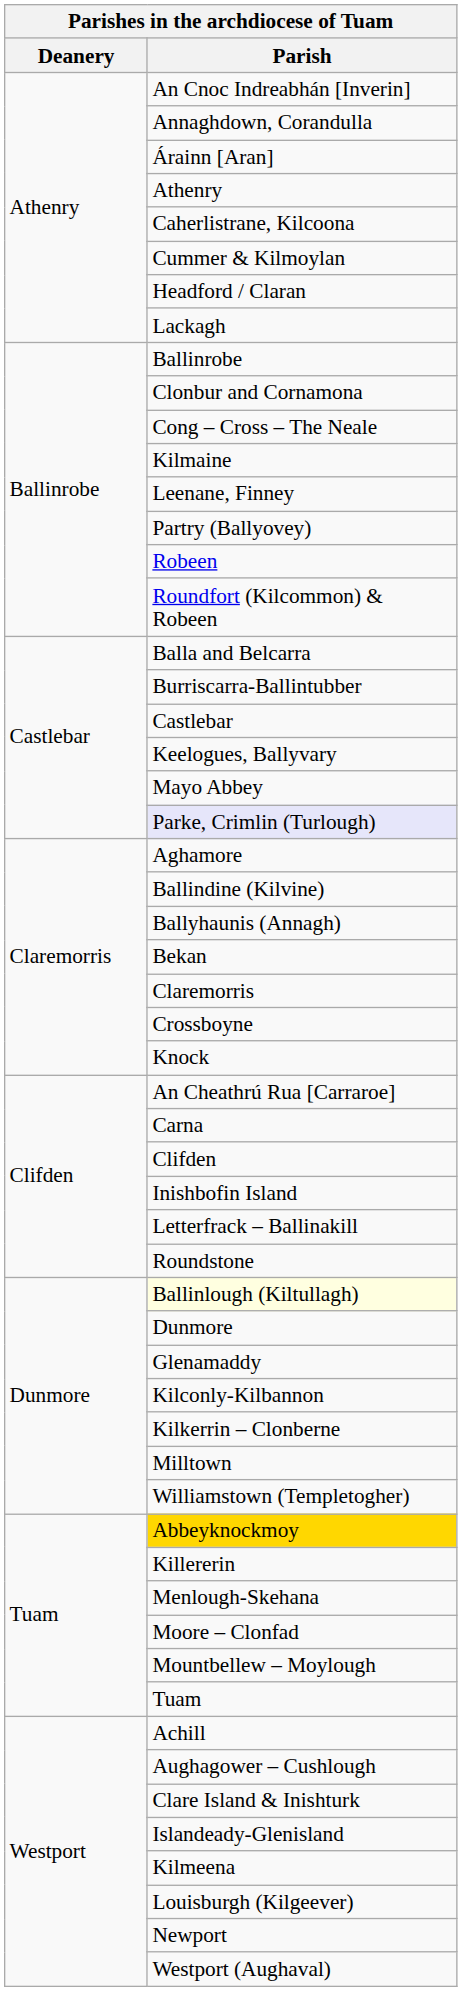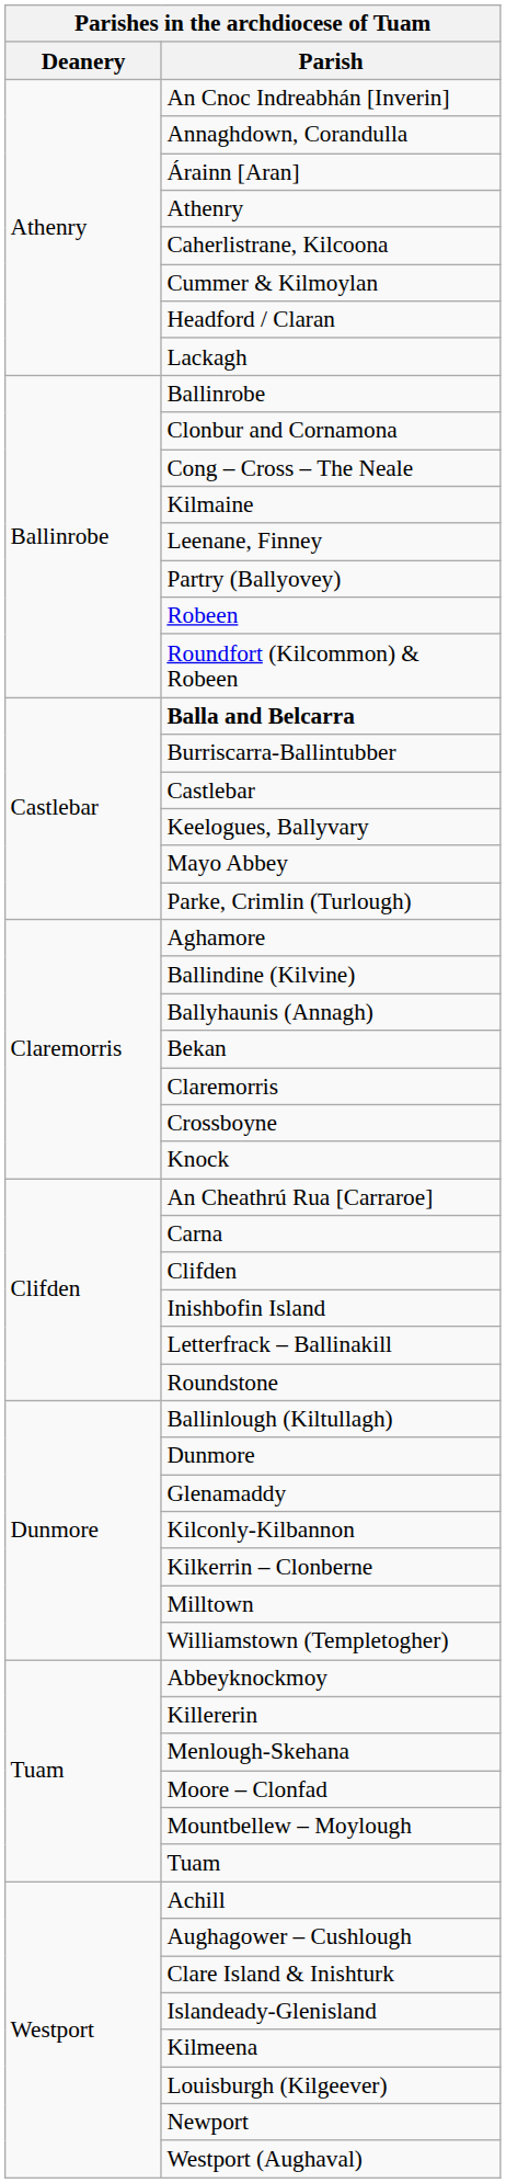 <table class="wikitable collapsible collapsed">
 <tr>
 <th colspan="2">Parishes in the archdiocese of Tuam</th>
 </tr>
 <tr>
 <th style="width:100px">Deanery</th>
 <th style="width:225px">Parish</th>
 </tr>
 <tr>
 <td rowspan="8">Athenry </td>
 <td>An Cnoc Indreabhán [Inverin]</td>
 </tr>
 <tr>
 <td>Annaghdown, Corandulla</td>
 </tr>
 <tr>
 <td>Árainn [Aran]</td>
 </tr>
 <tr>
 <td>Athenry</td>
 </tr>
 <tr>
 <td>Caherlistrane, Kilcoona</td>
 </tr>
 <tr>
 <td>Cummer & Kilmoylan</td>
 </tr>
 <tr>
 <td>Headford / Claran</td>
 </tr>
 <tr>
 <td>Lackagh</td>
 </tr>
 <tr>
 <td rowspan="8">Ballinrobe </td>
 <td>Ballinrobe</td>
 </tr>
 <tr>
 <td>Clonbur and Cornamona</td>
 </tr>
 <tr>
 <td>Cong – Cross – The Neale</td>
 </tr>
 <tr>
 <td>Kilmaine</td>
 </tr>
 <tr>
 <td>Leenane, Finney</td>
 </tr>
 <tr>
 <td>Partry (Ballyovey)</td>
 </tr>
 <tr>
 <td><a href='#'>Robeen</a></td>
 </tr>
 <tr>
 <td><a href='#'>Roundfort</a> (Kilcommon) & Robeen</td>
 </tr>
 <tr>
 <td rowspan="6">Castlebar </td>
-<td>Balla and Belcarra</td>
+<td><strong>Balla and Belcarra</strong></td>
 </tr>
 <tr>
 <td>Burriscarra-Ballintubber</td>
 </tr>
 <tr>
 <td>Castlebar</td>
 </tr>
 <tr>
 <td>Keelogues, Ballyvary</td>
 </tr>
 <tr>
 <td>Mayo Abbey</td>
 </tr>
 <tr>
-<td style="background: lavender;">Parke, Crimlin (Turlough)</td>
+<td>Parke, Crimlin (Turlough)</td>
 </tr>
 <tr>
 <td rowspan="7">Claremorris </td>
 <td>Aghamore</td>
 </tr>
 <tr>
 <td>Ballindine (Kilvine)</td>
 </tr>
 <tr>
 <td>Ballyhaunis (Annagh)</td>
 </tr>
 <tr>
 <td>Bekan</td>
 </tr>
 <tr>
 <td>Claremorris</td>
 </tr>
 <tr>
 <td>Crossboyne</td>
 </tr>
 <tr>
 <td>Knock</td>
 </tr>
 <tr>
 <td rowspan="6">Clifden </td>
 <td>An Cheathrú Rua [Carraroe]</td>
 </tr>
 <tr>
 <td>Carna</td>
 </tr>
 <tr>
 <td>Clifden</td>
 </tr>
 <tr>
 <td>Inishbofin Island</td>
 </tr>
 <tr>
 <td>Letterfrack – Ballinakill</td>
 </tr>
 <tr>
 <td>Roundstone</td>
 </tr>
 <tr>
 <td rowspan="7">Dunmore </td>
-<td style="background: lightyellow;">Ballinlough (Kiltullagh)</td>
+<td>Ballinlough (Kiltullagh)</td>
 </tr>
 <tr>
 <td>Dunmore</td>
 </tr>
 <tr>
 <td>Glenamaddy</td>
 </tr>
 <tr>
 <td>Kilconly-Kilbannon</td>
 </tr>
 <tr>
 <td>Kilkerrin – Clonberne</td>
 </tr>
 <tr>
 <td>Milltown</td>
 </tr>
 <tr>
 <td>Williamstown (Templetogher)</td>
 </tr>
 <tr>
 <td rowspan="6">Tuam </td>
-<td style="background: gold;">Abbeyknockmoy</td>
+<td>Abbeyknockmoy</td>
 </tr>
 <tr>
 <td>Killererin</td>
 </tr>
 <tr>
 <td>Menlough-Skehana</td>
 </tr>
 <tr>
 <td>Moore – Clonfad</td>
 </tr>
 <tr>
 <td>Mountbellew – Moylough</td>
 </tr>
 <tr>
 <td>Tuam</td>
 </tr>
 <tr>
 <td rowspan="8">Westport </td>
 <td>Achill</td>
 </tr>
 <tr>
 <td>Aughagower – Cushlough</td>
 </tr>
 <tr>
 <td>Clare Island & Inishturk</td>
 </tr>
 <tr>
 <td>Islandeady-Glenisland</td>
 </tr>
 <tr>
 <td>Kilmeena</td>
 </tr>
 <tr>
 <td>Louisburgh (Kilgeever)</td>
 </tr>
 <tr>
 <td>Newport</td>
 </tr>
 <tr>
 <td>Westport (Aughaval)</td>
 </tr>
 </table>
